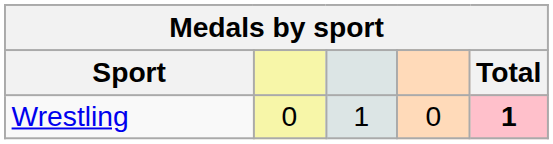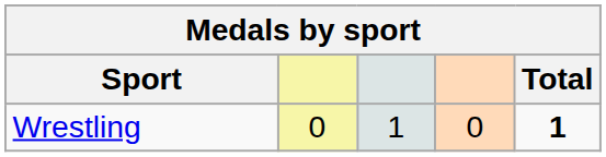 <table class="wikitable" style="font-size:90%; text-align:center;">
 <tr>
 <th colspan="5">Medals by sport</th>
 </tr>
 <tr>
 <th width="120">Sport</th>
 <th scope="col" width="30" style="background:#F7F6A8;"></th>
 <th scope="col" width="30" style="background:#DCE5E5;"></th>
 <th scope="col" width="30" style="background:#FFDAB9;"></th>
 <th width="30">Total</th>
 </tr>
 <tr>
 <td align="left"><a href='#'>Wrestling</a></td>
 <td style="background:#F7F6A8;">0</td>
 <td style="background:#DCE5E5;">1</td>
 <td style="background:#FFDAB9;">0</td>
-<td style="background: pink;"><strong>1</strong></td>
+<td><strong>1</strong></td>
 </tr>
 </table>
